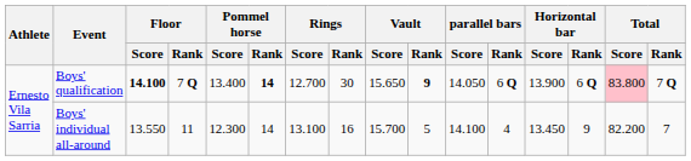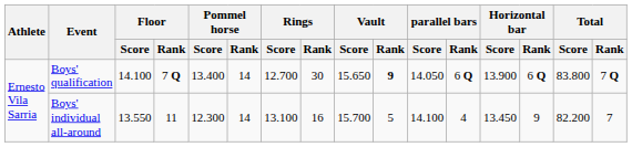 <table class="wikitable" border="1" style="font-size:90%">
 <tr>
 <th rowspan=2>Athlete</th>
 <th rowspan=2>Event</th>
 <th colspan=2>Floor</th>
 <th colspan=2>Pommel horse</th>
 <th colspan=2>Rings</th>
 <th colspan=2>Vault</th>
 <th colspan=2>parallel bars</th>
 <th colspan=2>Horizontal bar</th>
 <th colspan=2>Total</th>
 </tr>
 <tr>
 <th>Score</th>
 <th>Rank</th>
 <th>Score</th>
 <th>Rank</th>
 <th>Score</th>
 <th>Rank</th>
 <th>Score</th>
 <th>Rank</th>
 <th>Score</th>
 <th>Rank</th>
 <th>Score</th>
 <th>Rank</th>
 <th>Score</th>
 <th>Rank</th>
 </tr>
 <tr>
 <td rowspan=2><a href='#'>Ernesto Vila Sarria</a></td>
 <td><a href='#'>Boys' qualification</a></td>
-<td align=center><strong>14.100</strong></td>
+<td align=center>14.100</td>
 <td align=center>7 <strong>Q</strong></td>
 <td align=center>13.400</td>
-<td align=center><strong>14</strong></td>
+<td align=center>14</td>
 <td align=center>12.700</td>
 <td align=center>30</td>
 <td align=center>15.650</td>
 <td align=center><strong>9</strong></td>
 <td align=center>14.050</td>
 <td align=center>6 <strong>Q</strong></td>
 <td align=center>13.900</td>
 <td align=center>6 <strong>Q</strong></td>
-<td align=center style="background: pink;">83.800</td>
+<td align=center>83.800</td>
 <td align=center>7 <strong>Q</strong></td>
 </tr>
 <tr>
 <td><a href='#'>Boys' individual all-around</a></td>
 <td align=center>13.550</td>
 <td align=center>11</td>
 <td align=center>12.300</td>
 <td align=center>14</td>
 <td align=center>13.100</td>
 <td align=center>16</td>
 <td align=center>15.700</td>
 <td align=center>5</td>
 <td align=center>14.100</td>
 <td align=center>4</td>
 <td align=center>13.450</td>
 <td align=center>9</td>
 <td align=center>82.200</td>
 <td align=center>7</td>
 </tr>
 </table>
